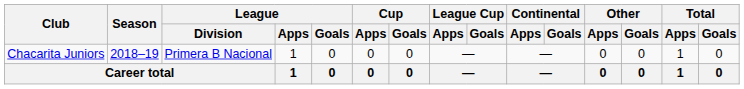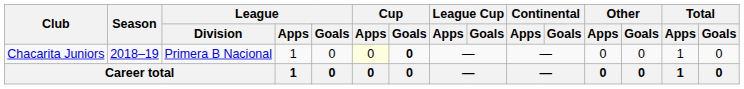 <table class="wikitable" style="text-align:center">
 <tr>
 <th rowspan="2">Club</th>
 <th rowspan="2">Season</th>
 <th colspan="3">League</th>
 <th colspan="2">Cup</th>
 <th colspan="2">League Cup</th>
 <th colspan="2">Continental</th>
 <th colspan="2">Other</th>
 <th colspan="2">Total</th>
 </tr>
 <tr>
 <th>Division</th>
 <th>Apps</th>
 <th>Goals</th>
 <th>Apps</th>
 <th>Goals</th>
 <th>Apps</th>
 <th>Goals</th>
 <th>Apps</th>
 <th>Goals</th>
 <th>Apps</th>
 <th>Goals</th>
 <th>Apps</th>
 <th>Goals</th>
 </tr>
 <tr>
 <td rowspan="1"><a href='#'>Chacarita Juniors</a></td>
 <td><a href='#'>2018–19</a></td>
 <td rowspan="1"><a href='#'>Primera B Nacional</a></td>
 <td>1</td>
 <td>0</td>
-<td>0</td>
-<td>0</td>
+<td style="background: lightyellow;">0</td>
+<td><strong>0</strong></td>
 <td colspan="2">—</td>
 <td colspan="2">—</td>
 <td>0</td>
 <td>0</td>
 <td>1</td>
 <td>0</td>
 </tr>
 <tr>
 <th colspan="3">Career total</th>
 <th>1</th>
 <th>0</th>
 <th>0</th>
 <th>0</th>
 <th colspan="2">—</th>
 <th colspan="2">—</th>
 <th>0</th>
 <th>0</th>
 <th>1</th>
 <th>0</th>
 </tr>
 </table>
